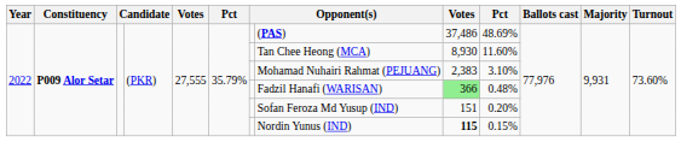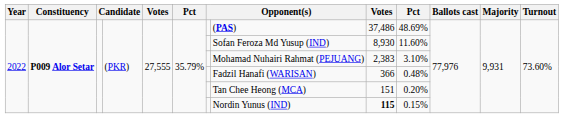 <table class="wikitable" style="margin:0.5em ; font-size:95%">
 <tr>
 <th>Year</th>
 <th>Constituency</th>
 <th colspan=2>Candidate</th>
 <th>Votes</th>
 <th>Pct</th>
 <th colspan=2>Opponent(s)</th>
 <th>Votes</th>
 <th>Pct</th>
 <th>Ballots cast</th>
 <th>Majority</th>
 <th>Turnout</th>
 </tr>
 <tr>
 <td rowspan="6"><a href='#'>2022</a></td>
 <td rowspan="6"><strong>P009 <a href='#'>Alor Setar</a></strong></td>
 <td rowspan="6" ></td>
 <td rowspan="6"> (<a href='#'>PKR</a>)</td>
 <td rowspan="6" align="right">27,555</td>
 <td rowspan="6">35.79%</td>
 <td bgcolor=></td>
 <td> (<strong><a href='#'>PAS</a></strong>)</td>
 <td align="right">37,486</td>
 <td>48.69%</td>
 <td rowspan="6">77,976</td>
 <td rowspan="6">9,931</td>
 <td rowspan="6">73.60%</td>
 </tr>
 <tr>
 <td></td>
-<td>Tan Chee Heong (<a href='#'>MCA</a>)</td>
+<td>Sofan Feroza Md Yusup (<a href='#'>IND</a>)</td>
 <td align="right">8,930</td>
 <td>11.60%</td>
 </tr>
 <tr>
 <td bgcolor=></td>
 <td>Mohamad Nuhairi Rahmat (<a href='#'>PEJUANG</a>)</td>
 <td align="right">2,383</td>
 <td align=right>3.10%</td>
 </tr>
 <tr>
 <td></td>
 <td>Fadzil Hanafi (<a href='#'>WARISAN</a>)</td>
-<td align="right" style="background: lightgreen;">366</td>
+<td align="right">366</td>
 <td align=right>0.48%</td>
 </tr>
 <tr>
 <td></td>
-<td>Sofan Feroza Md Yusup (<a href='#'>IND</a>)</td>
+<td>Tan Chee Heong (<a href='#'>MCA</a>)</td>
 <td align="right">151</td>
 <td align=right>0.20%</td>
 </tr>
 <tr>
 <td></td>
 <td>Nordin Yunus (<a href='#'>IND</a>)</td>
 <td align="right"><strong>115</strong></td>
 <td align=right>0.15%</td>
 </tr>
 </table>
